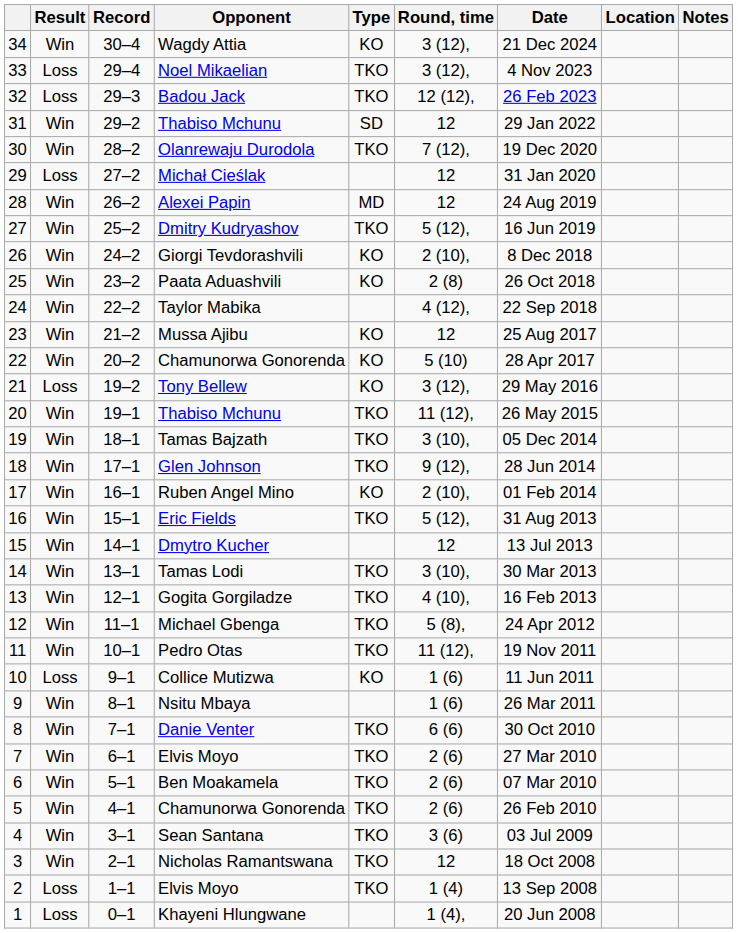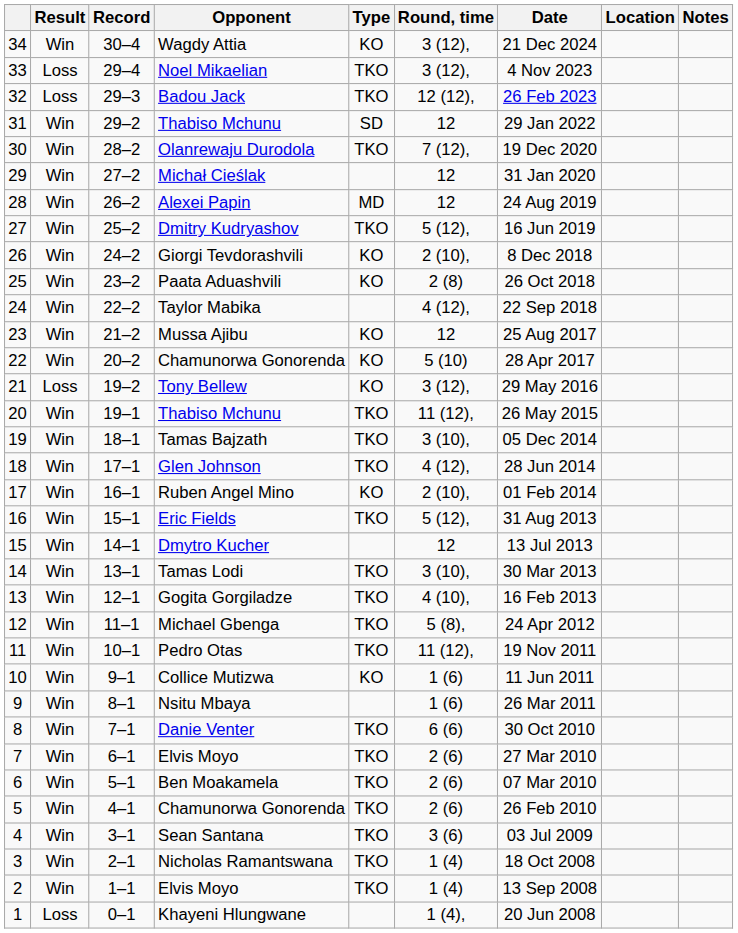 <table class="wikitable" style="text-align:center">
 <tr>
 <th></th>
 <th>Result</th>
 <th>Record</th>
 <th>Opponent</th>
 <th>Type</th>
 <th>Round, time</th>
 <th>Date</th>
 <th>Location</th>
 <th>Notes</th>
 </tr>
 <tr>
 <td>34</td>
 <td>Win</td>
 <td>30–4</td>
 <td align=left>Wagdy Attia</td>
 <td>KO</td>
 <td>3 (12), </td>
 <td>21 Dec 2024</td>
 <td align=left></td>
 <td></td>
 </tr>
 <tr>
 <td>33</td>
 <td>Loss</td>
 <td>29–4</td>
 <td align=left><a href='#'>Noel Mikaelian</a></td>
 <td>TKO</td>
 <td>3 (12), </td>
 <td>4 Nov 2023</td>
 <td align=left></td>
 <td align=left></td>
 </tr>
 <tr>
 <td>32</td>
 <td>Loss</td>
 <td>29–3</td>
 <td align=left><a href='#'>Badou Jack</a></td>
 <td>TKO</td>
 <td>12 (12), </td>
 <td><a href='#'>26 Feb 2023</a></td>
 <td align=left></td>
 <td align=left></td>
 </tr>
 <tr>
 <td>31</td>
 <td>Win</td>
 <td>29–2</td>
 <td align=left><a href='#'>Thabiso Mchunu</a></td>
 <td>SD</td>
 <td>12</td>
 <td>29 Jan 2022</td>
 <td align=left></td>
 <td align=left></td>
 </tr>
 <tr>
 <td>30</td>
 <td>Win</td>
 <td>28–2</td>
 <td align=left><a href='#'>Olanrewaju Durodola</a></td>
 <td>TKO</td>
 <td>7 (12), </td>
 <td>19 Dec 2020</td>
 <td align=left></td>
 <td align=left></td>
 </tr>
 <tr>
 <td>29</td>
-<td>Loss</td>
+<td>Win</td>
 <td>27–2</td>
 <td align=left><a href='#'>Michał Cieślak</a></td>
 <td></td>
 <td>12</td>
 <td>31 Jan 2020</td>
 <td align=left></td>
 <td align=left></td>
 </tr>
 <tr>
 <td>28</td>
 <td>Win</td>
 <td>26–2</td>
 <td align=left><a href='#'>Alexei Papin</a></td>
 <td>MD</td>
 <td>12</td>
 <td>24 Aug 2019</td>
 <td align=left></td>
 <td align=left></td>
 </tr>
 <tr>
 <td>27</td>
 <td>Win</td>
 <td>25–2</td>
 <td align=left><a href='#'>Dmitry Kudryashov</a></td>
 <td>TKO</td>
 <td>5 (12), </td>
 <td>16 Jun 2019</td>
 <td align=left></td>
 <td align=left></td>
 </tr>
 <tr>
 <td>26</td>
 <td>Win</td>
 <td>24–2</td>
 <td align=left>Giorgi Tevdorashvili</td>
 <td>KO</td>
 <td>2 (10), </td>
 <td>8 Dec 2018</td>
 <td align=left></td>
 <td align=left></td>
 </tr>
 <tr>
 <td>25</td>
 <td>Win</td>
 <td>23–2</td>
 <td align=left>Paata Aduashvili</td>
 <td>KO</td>
 <td>2 (8)</td>
 <td>26 Oct 2018</td>
 <td align=left></td>
 <td align=left></td>
 </tr>
 <tr>
 <td>24</td>
 <td>Win</td>
 <td>22–2</td>
 <td align=left>Taylor Mabika</td>
 <td></td>
 <td>4 (12), </td>
 <td>22 Sep  2018</td>
 <td align=left></td>
 <td align=left></td>
 </tr>
 <tr>
 <td>23</td>
 <td>Win</td>
 <td>21–2</td>
 <td align=left>Mussa Ajibu</td>
 <td>KO</td>
 <td>12</td>
 <td>25 Aug 2017</td>
 <td align=left></td>
 <td align=left></td>
 </tr>
 <tr>
 <td>22</td>
 <td>Win</td>
 <td>20–2</td>
 <td align=left>Chamunorwa Gonorenda</td>
 <td>KO</td>
 <td>5 (10)</td>
 <td>28 Apr 2017</td>
 <td align=left></td>
 <td align=left></td>
 </tr>
 <tr>
 <td>21</td>
 <td>Loss</td>
 <td>19–2</td>
 <td align=left><a href='#'>Tony Bellew</a></td>
 <td>KO</td>
 <td>3 (12), </td>
 <td>29 May 2016</td>
 <td align=left></td>
 <td align=left></td>
 </tr>
 <tr>
 <td>20</td>
 <td>Win</td>
 <td>19–1</td>
 <td align=left><a href='#'>Thabiso Mchunu</a></td>
 <td>TKO</td>
 <td>11 (12), </td>
 <td>26 May 2015</td>
 <td align=left></td>
 <td align=left></td>
 </tr>
 <tr>
 <td>19</td>
 <td>Win</td>
 <td>18–1</td>
 <td align=left>Tamas Bajzath</td>
 <td>TKO</td>
 <td>3 (10), </td>
 <td>05 Dec 2014</td>
 <td align=left></td>
 <td align=left></td>
 </tr>
 <tr>
 <td>18</td>
 <td>Win</td>
 <td>17–1</td>
 <td align=left><a href='#'>Glen Johnson</a></td>
 <td>TKO</td>
-<td>9 (12), </td>
+<td>4 (12), </td>
 <td>28 Jun 2014</td>
 <td align=left></td>
 <td align=left></td>
 </tr>
 <tr>
 <td>17</td>
 <td>Win</td>
 <td>16–1</td>
 <td align=left>Ruben Angel Mino</td>
 <td>KO</td>
 <td>2 (10), </td>
 <td>01 Feb 2014</td>
 <td align=left></td>
 <td align=left></td>
 </tr>
 <tr>
 <td>16</td>
 <td>Win</td>
 <td>15–1</td>
 <td align=left><a href='#'>Eric Fields</a></td>
 <td>TKO</td>
 <td>5 (12), </td>
 <td>31 Aug 2013</td>
 <td align=left></td>
 <td align=left></td>
 </tr>
 <tr>
 <td>15</td>
 <td>Win</td>
 <td>14–1</td>
 <td align=left><a href='#'>Dmytro Kucher</a></td>
 <td></td>
 <td>12</td>
 <td>13 Jul 2013</td>
 <td align=left></td>
 <td align=left></td>
 </tr>
 <tr>
 <td>14</td>
 <td>Win</td>
 <td>13–1</td>
 <td align=left>Tamas Lodi</td>
 <td>TKO</td>
 <td>3 (10), </td>
 <td>30 Mar 2013</td>
 <td align=left></td>
 <td align=left></td>
 </tr>
 <tr>
 <td>13</td>
 <td>Win</td>
 <td>12–1</td>
 <td align=left>Gogita Gorgiladze</td>
 <td>TKO</td>
 <td>4 (10), </td>
 <td>16 Feb 2013</td>
 <td align=left></td>
 <td align=left></td>
 </tr>
 <tr>
 <td>12</td>
 <td>Win</td>
 <td>11–1</td>
 <td align=left>Michael Gbenga</td>
 <td>TKO</td>
 <td>5 (8), </td>
 <td>24 Apr 2012</td>
 <td align=left></td>
 <td align=left></td>
 </tr>
 <tr>
 <td>11</td>
 <td>Win</td>
 <td>10–1</td>
 <td align=left>Pedro Otas</td>
 <td>TKO</td>
 <td>11 (12), </td>
 <td>19 Nov 2011</td>
 <td align=left></td>
 <td align=left></td>
 </tr>
 <tr>
 <td>10</td>
-<td>Loss</td>
+<td>Win</td>
 <td>9–1</td>
 <td align=left>Collice Mutizwa</td>
 <td>KO</td>
 <td>1 (6)</td>
 <td>11 Jun 2011</td>
 <td align=left></td>
 <td align=left></td>
 </tr>
 <tr>
 <td>9</td>
 <td>Win</td>
 <td>8–1</td>
 <td align=left>Nsitu Mbaya</td>
 <td></td>
 <td>1 (6)</td>
 <td>26 Mar 2011</td>
 <td align=left></td>
 <td align=left></td>
 </tr>
 <tr>
 <td>8</td>
 <td>Win</td>
 <td>7–1</td>
 <td align=left><a href='#'>Danie Venter</a></td>
 <td>TKO</td>
 <td>6 (6)</td>
 <td>30 Oct 2010</td>
 <td align=left></td>
 <td align=left></td>
 </tr>
 <tr>
 <td>7</td>
 <td>Win</td>
 <td>6–1</td>
 <td align=left>Elvis Moyo</td>
 <td>TKO</td>
 <td>2 (6)</td>
 <td>27 Mar 2010</td>
 <td align=left></td>
 <td align=left></td>
 </tr>
 <tr>
 <td>6</td>
 <td>Win</td>
 <td>5–1</td>
 <td align=left>Ben Moakamela</td>
 <td>TKO</td>
 <td>2 (6)</td>
 <td>07 Mar 2010</td>
 <td align=left></td>
 <td align=left></td>
 </tr>
 <tr>
 <td>5</td>
 <td>Win</td>
 <td>4–1</td>
 <td align=left>Chamunorwa Gonorenda</td>
 <td>TKO</td>
 <td>2 (6)</td>
 <td>26 Feb 2010</td>
 <td align=left></td>
 <td align=left></td>
 </tr>
 <tr>
 <td>4</td>
 <td>Win</td>
 <td>3–1</td>
 <td align=left>Sean Santana</td>
 <td>TKO</td>
 <td>3 (6)</td>
 <td>03 Jul 2009</td>
 <td align=left></td>
 <td align=left></td>
 </tr>
 <tr>
 <td>3</td>
 <td>Win</td>
 <td>2–1</td>
 <td align=left>Nicholas Ramantswana</td>
 <td>TKO</td>
-<td>12</td>
+<td>1 (4)</td>
 <td>18 Oct 2008</td>
 <td align=left></td>
 <td align=left></td>
 </tr>
 <tr>
 <td>2</td>
-<td>Loss</td>
+<td>Win</td>
 <td>1–1</td>
 <td align=left>Elvis Moyo</td>
 <td>TKO</td>
 <td>1 (4)</td>
 <td>13 Sep 2008</td>
 <td align=left></td>
 <td align=left></td>
 </tr>
 <tr>
 <td>1</td>
 <td>Loss</td>
 <td>0–1</td>
 <td align=left>Khayeni Hlungwane</td>
 <td></td>
 <td>1 (4), </td>
 <td>20 Jun 2008</td>
 <td align=left></td>
 <td align=left></td>
 </tr>
 </table>
